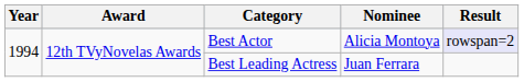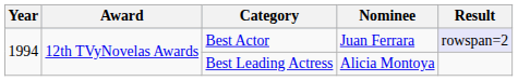 <table class="wikitable">
 <tr style="background:#b0c4de;">
 <th>Year</th>
 <th>Award</th>
 <th>Category</th>
 <th>Nominee</th>
 <th>Result</th>
 </tr>
 <tr>
 <td rowspan=2>1994</td>
 <td rowspan=2><a href='#'>12th TVyNovelas Awards</a></td>
 <td><a href='#'>Best Actor</a></td>
-<td><a href='#'>Alicia Montoya</a></td>
+<td><a href='#'>Juan Ferrara</a></td>
 <td style="background: lavender;">rowspan=2 </td>
 </tr>
 <tr>
 <td><a href='#'>Best Leading Actress</a></td>
-<td><a href='#'>Juan Ferrara</a></td>
+<td><a href='#'>Alicia Montoya</a></td>
 </tr>
 </table>
